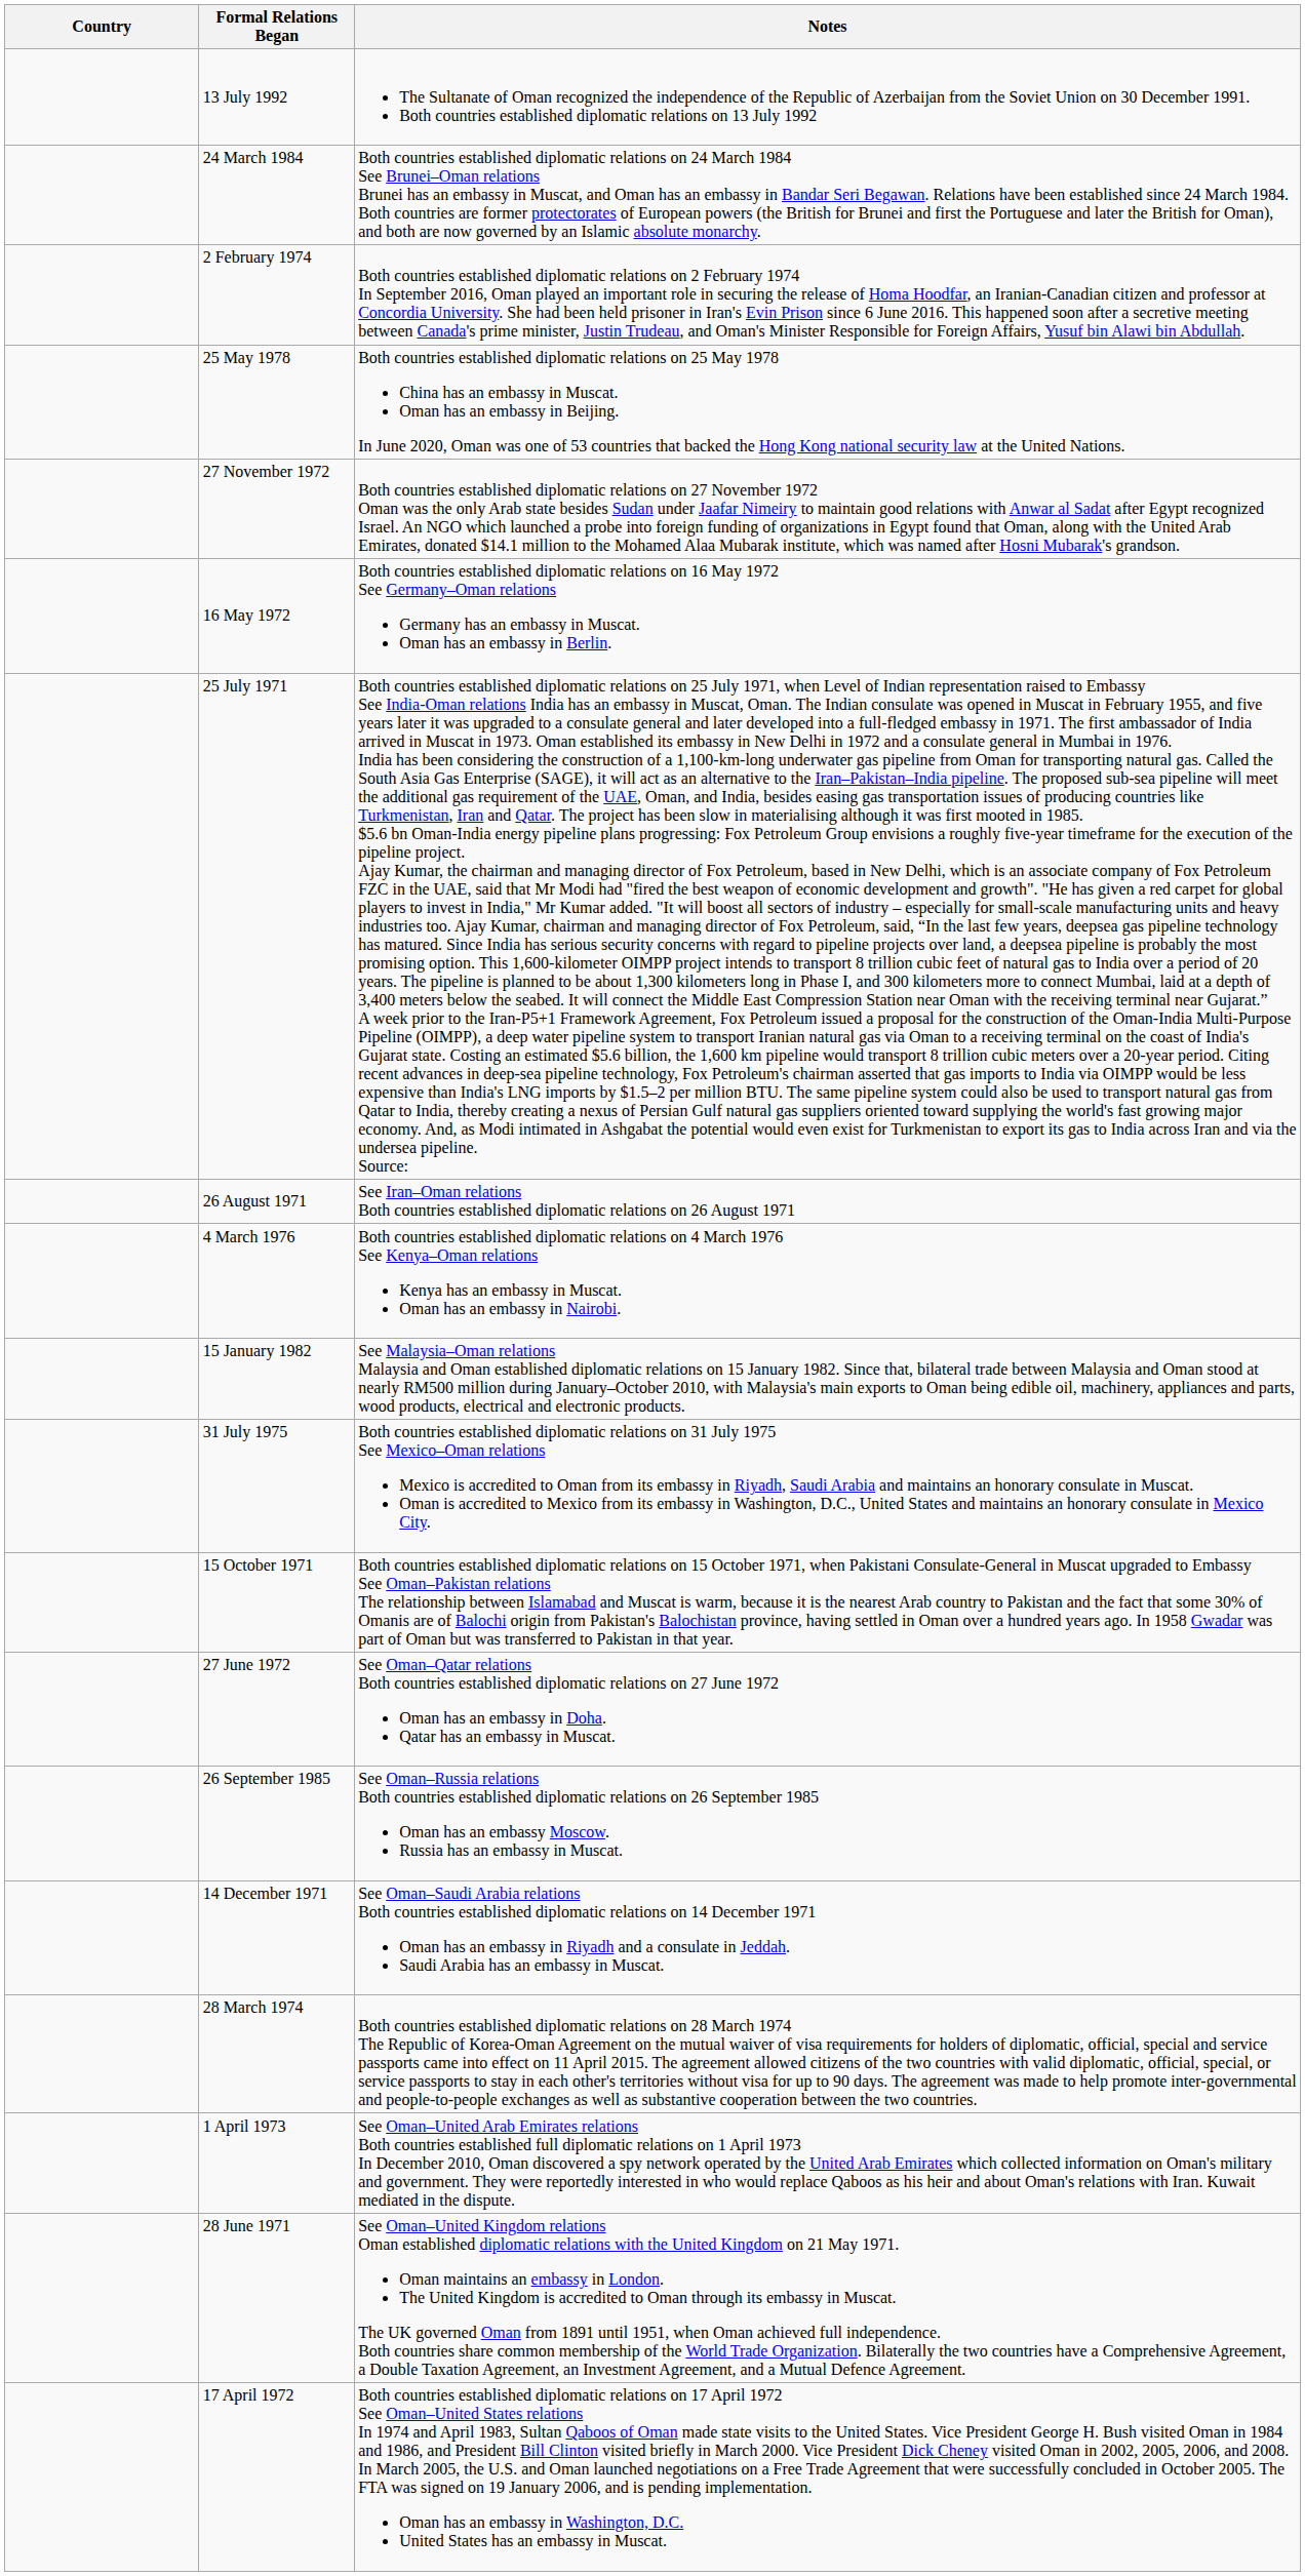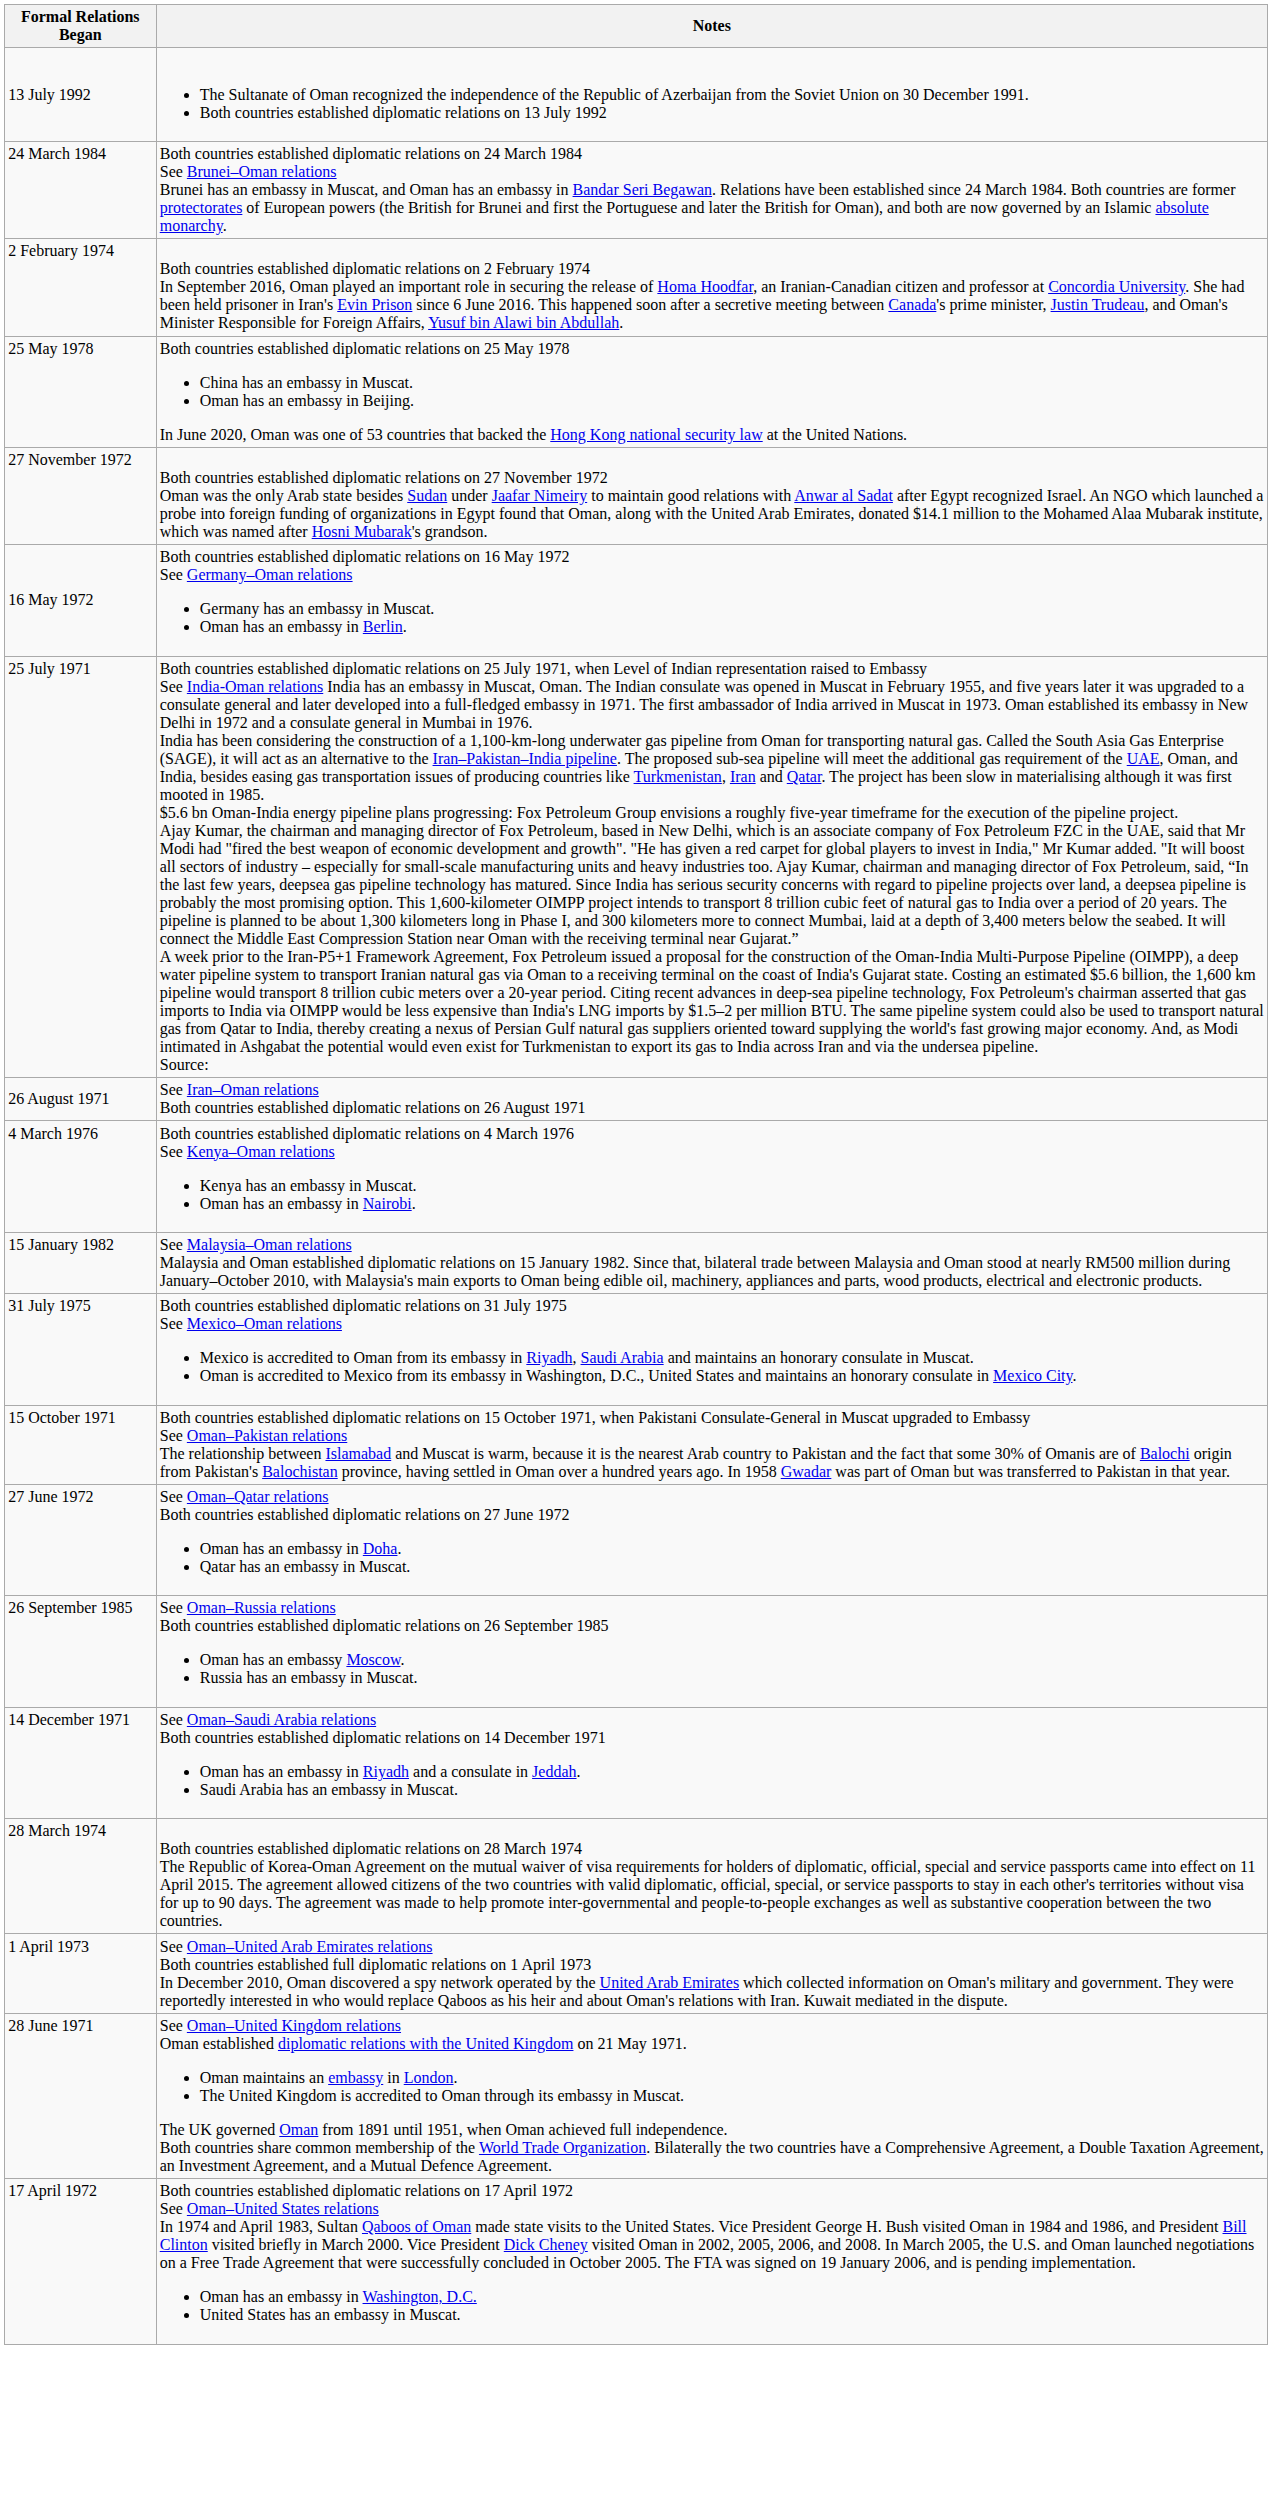 <table class="wikitable sortable" style="width:100%; margin:auto;">
 <tr>
-<th style="width:15%;">Country</th>
 <th style="width:12%;">Formal Relations Began</th>
 <th>Notes</th>
 </tr>
 <tr>
-<td></td>
 <td>13 July 1992</td>
 <td><br><ul><li>The Sultanate of Oman recognized the independence of the Republic of Azerbaijan from the Soviet Union on 30 December 1991.</li><li>Both countries established diplomatic relations on 13 July 1992</li></ul></td>
 </tr>
 <tr valign="top">
-<td></td>
 <td>24 March 1984</td>
 <td>Both countries established diplomatic relations on 24 March 1984<br>See <a href='#'>Brunei–Oman relations</a><br>Brunei has an embassy in Muscat, and Oman has an embassy in <a href='#'>Bandar Seri Begawan</a>. Relations have been established since 24 March 1984. Both countries are former <a href='#'>protectorates</a> of European powers (the British for Brunei and first the Portuguese and later the British for Oman), and both are now governed by an Islamic <a href='#'>absolute monarchy</a>.</td>
 </tr>
 <tr valign="top">
-<td></td>
 <td>2 February 1974</td>
 <td><br>Both countries established diplomatic relations on 2 February 1974<br>In September 2016, Oman played an important role in securing the release of <a href='#'>Homa Hoodfar</a>, an Iranian-Canadian citizen and professor at <a href='#'>Concordia University</a>. She had been held prisoner in Iran's <a href='#'>Evin Prison</a> since 6 June 2016. This happened soon after a secretive meeting between <a href='#'>Canada</a>'s prime minister, <a href='#'>Justin Trudeau</a>, and Oman's Minister Responsible for Foreign Affairs, <a href='#'>Yusuf bin Alawi bin Abdullah</a>.</td>
 </tr>
 <tr valign="top">
-<td></td>
 <td>25 May 1978</td>
 <td>Both countries established diplomatic relations on 25 May 1978<br><ul><li>China has an embassy in Muscat.</li><li>Oman has an embassy in Beijing.</li></ul>In June 2020, Oman was one of 53 countries that backed the <a href='#'>Hong Kong national security law</a> at the United Nations.</td>
 </tr>
 <tr valign="top">
-<td></td>
 <td>27 November 1972</td>
 <td><br>Both countries established diplomatic relations on 27 November 1972<br>Oman was the only Arab state besides <a href='#'>Sudan</a> under <a href='#'>Jaafar Nimeiry</a> to maintain good relations with <a href='#'>Anwar al Sadat</a> after Egypt recognized Israel. An NGO which launched a probe into foreign funding of organizations in Egypt found that Oman, along with the United Arab Emirates, donated $14.1 million to the Mohamed Alaa Mubarak institute, which was named after <a href='#'>Hosni Mubarak</a>'s grandson.</td>
 </tr>
 <tr>
-<td></td>
 <td>16 May 1972</td>
 <td>Both countries established diplomatic relations on 16 May 1972<br>See <a href='#'>Germany–Oman relations</a><ul><li>Germany has an embassy in Muscat.</li><li>Oman has an embassy in <a href='#'>Berlin</a>.</li></ul></td>
 </tr>
 <tr valign="top">
-<td></td>
 <td>25 July 1971</td>
 <td>Both countries established diplomatic relations on 25 July 1971, when Level of Indian representation raised to Embassy<br>See <a href='#'>India-Oman relations</a> India has an embassy in Muscat, Oman. The Indian consulate was opened in Muscat in February 1955, and five years later it was upgraded to a consulate general and later developed into a full-fledged embassy in 1971. The first ambassador of India arrived in Muscat in 1973. Oman established its embassy in New Delhi in 1972 and a consulate general in Mumbai in 1976.<br>India has been considering the construction of a 1,100-km-long underwater gas pipeline from Oman for transporting natural gas. Called the South Asia Gas Enterprise (SAGE), it will act as an alternative to the <a href='#'>Iran–Pakistan–India pipeline</a>. The proposed sub-sea pipeline will meet the additional gas requirement of the <a href='#'>UAE</a>, Oman, and India, besides easing gas transportation issues of producing countries like <a href='#'>Turkmenistan</a>, <a href='#'>Iran</a> and <a href='#'>Qatar</a>. The project has been slow in materialising although it was first mooted in 1985.<br>$5.6 bn Oman-India energy pipeline plans progressing: Fox Petroleum Group envisions a roughly five-year timeframe for the execution of the pipeline project.<br>Ajay Kumar, the chairman and managing director of Fox Petroleum, based in New Delhi, which is an associate company of Fox Petroleum FZC in the UAE, said that Mr Modi had "fired the best weapon of economic development and growth". "He has given a red carpet for global players to invest in India," Mr Kumar added. "It will boost all sectors of industry – especially for small-scale manufacturing units and heavy industries too. Ajay Kumar, chairman and managing director of Fox Petroleum, said, “In the last few years, deepsea gas pipeline technology has matured. Since India has serious security concerns with regard to pipeline projects over land, a deepsea pipeline is probably the most promising option. This 1,600-kilometer OIMPP project intends to transport 8 trillion cubic feet of natural gas to India over a period of 20 years. The pipeline is planned to be about 1,300 kilometers long in Phase I, and 300 kilometers more to connect Mumbai, laid at a depth of 3,400 meters below the seabed. It will connect the Middle East Compression Station near Oman with the receiving terminal near Gujarat.”<br>A week prior to the Iran-P5+1 Framework Agreement, Fox Petroleum issued a proposal for the construction of the Oman-India Multi-Purpose Pipeline (OIMPP), a deep water pipeline system to transport Iranian natural gas via Oman to a receiving terminal on the coast of India's Gujarat state. Costing an estimated $5.6 billion, the 1,600 km pipeline would transport 8 trillion cubic meters over a 20-year period. Citing recent advances in deep-sea pipeline technology, Fox Petroleum's chairman asserted that gas imports to India via OIMPP would be less expensive than India's LNG imports by $1.5–2 per million BTU. The same pipeline system could also be used to transport natural gas from Qatar to India, thereby creating a nexus of Persian Gulf natural gas suppliers oriented toward supplying the world's fast growing major economy. And, as Modi intimated in Ashgabat the potential would even exist for Turkmenistan to export its gas to India across Iran and via the undersea pipeline.<br>Source:      </td>
 </tr>
 <tr>
-<td></td>
 <td>26 August 1971</td>
 <td>See <a href='#'>Iran–Oman relations</a><br>Both countries established diplomatic relations on 26 August 1971</td>
 </tr>
 <tr valign="top">
-<td></td>
 <td>4 March 1976</td>
 <td>Both countries established diplomatic relations on 4 March 1976<br>See <a href='#'>Kenya–Oman relations</a><ul><li>Kenya has an embassy in Muscat.</li><li>Oman has an embassy in <a href='#'>Nairobi</a>.</li></ul></td>
 </tr>
 <tr valign="top">
-<td></td>
 <td>15 January 1982</td>
 <td>See <a href='#'>Malaysia–Oman relations</a><br>Malaysia and Oman established diplomatic relations on 15 January 1982. Since that, bilateral trade between Malaysia and Oman stood at nearly RM500 million during January–October 2010, with Malaysia's main exports to Oman being edible oil, machinery, appliances and parts, wood products, electrical and electronic products.</td>
 </tr>
 <tr valign="top">
-<td></td>
 <td>31 July 1975</td>
 <td>Both countries established diplomatic relations on 31 July 1975<br>See <a href='#'>Mexico–Oman relations</a><ul><li>Mexico is accredited to Oman from its embassy in <a href='#'>Riyadh</a>, <a href='#'>Saudi Arabia</a> and maintains an honorary consulate in Muscat.</li><li>Oman is accredited to Mexico from its embassy in Washington, D.C., United States and maintains an honorary consulate in <a href='#'>Mexico City</a>.</li></ul></td>
 </tr>
 <tr valign="top">
-<td></td>
 <td>15 October 1971</td>
 <td>Both countries established diplomatic relations on 15 October 1971, when Pakistani Consulate-General in Muscat upgraded to Embassy<br>See <a href='#'>Oman–Pakistan relations</a><br>The relationship between <a href='#'>Islamabad</a> and Muscat is warm, because it is the nearest Arab country to Pakistan and the fact that some 30% of Omanis are of <a href='#'>Balochi</a> origin from Pakistan's <a href='#'>Balochistan</a> province, having settled in Oman over a hundred years ago. In 1958 <a href='#'>Gwadar</a> was part of Oman but was transferred to Pakistan in that year.</td>
 </tr>
 <tr valign="top">
-<td></td>
 <td>27 June 1972</td>
 <td>See <a href='#'>Oman–Qatar relations</a><br>Both countries established diplomatic relations on 27 June 1972<ul><li>Oman has an embassy in <a href='#'>Doha</a>.</li><li>Qatar has an embassy in Muscat.</li></ul></td>
 </tr>
 <tr valign="top">
-<td></td>
 <td>26 September 1985</td>
 <td>See <a href='#'>Oman–Russia relations</a><br>Both countries established diplomatic relations on 26 September 1985<ul><li>Oman has an embassy <a href='#'>Moscow</a>.</li><li>Russia has an embassy in Muscat.</li></ul></td>
 </tr>
 <tr valign="top">
-<td></td>
 <td>14 December 1971</td>
 <td>See <a href='#'>Oman–Saudi Arabia relations</a><br>Both countries established diplomatic relations on 14 December 1971<ul><li>Oman has an embassy in <a href='#'>Riyadh</a> and a consulate in <a href='#'>Jeddah</a>.</li><li>Saudi Arabia has an embassy in Muscat.</li></ul></td>
 </tr>
 <tr valign="top">
-<td></td>
 <td>28 March 1974</td>
 <td><br>Both countries established diplomatic relations on 28 March 1974<br>The Republic of Korea-Oman Agreement on the mutual waiver of visa requirements for holders of diplomatic, official, special and service passports came into effect on 11 April 2015. The agreement allowed citizens of the two countries with valid diplomatic, official, special, or service passports to stay in each other's territories without visa for up to 90 days. The agreement was made to help promote inter-governmental and people-to-people exchanges as well as substantive cooperation between the two countries.</td>
 </tr>
 <tr valign="top">
-<td></td>
 <td>1 April 1973</td>
 <td>See <a href='#'>Oman–United Arab Emirates relations</a><br>Both countries established full diplomatic relations on 1 April 1973<br>In December 2010, Oman discovered a spy network operated by the <a href='#'>United Arab Emirates</a> which collected information on Oman's military and government. They were reportedly interested in who would replace Qaboos as his heir and about Oman's relations with Iran. Kuwait mediated in the dispute.</td>
 </tr>
 <tr valign="top">
-<td></td>
 <td>28 June 1971</td>
 <td>See <a href='#'>Oman–United Kingdom relations</a><br>Oman established <a href='#'>diplomatic relations with the United Kingdom</a> on 21 May 1971.<ul><li>Oman maintains an <a href='#'>embassy</a> in <a href='#'>London</a>.</li><li>The United Kingdom is accredited to Oman through its embassy in Muscat.</li></ul>The UK governed <a href='#'>Oman</a> from 1891 until 1951, when Oman achieved full independence.<br>Both countries share common membership of the <a href='#'>World Trade Organization</a>. Bilaterally the two countries have a Comprehensive Agreement, a Double Taxation Agreement, an Investment Agreement, and a Mutual Defence Agreement.</td>
 </tr>
 <tr valign="top">
-<td></td>
 <td>17 April 1972</td>
 <td>Both countries established diplomatic relations on 17 April 1972<br>See <a href='#'>Oman–United States relations</a><br>In 1974 and April 1983, Sultan <a href='#'>Qaboos of Oman</a> made state visits to the United States. Vice President George H. Bush visited Oman in 1984 and 1986, and President <a href='#'>Bill Clinton</a> visited briefly in March 2000. Vice President <a href='#'>Dick Cheney</a> visited Oman in 2002, 2005, 2006, and 2008. In March 2005, the U.S. and Oman launched negotiations on a Free Trade Agreement that were successfully concluded in October 2005. The FTA was signed on 19 January 2006, and is pending implementation.<ul><li>Oman has an embassy in <a href='#'>Washington, D.C.</a></li><li>United States has an embassy in Muscat.</li></ul></td>
 </tr>
 </table>
